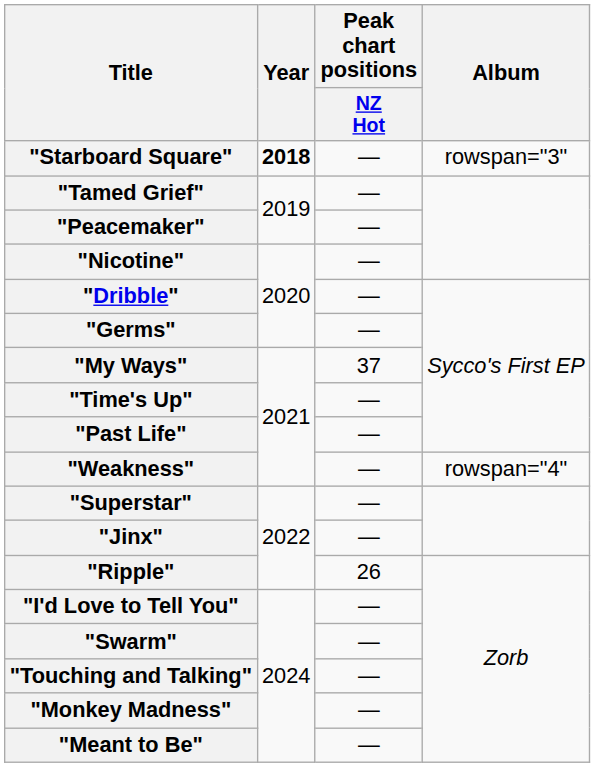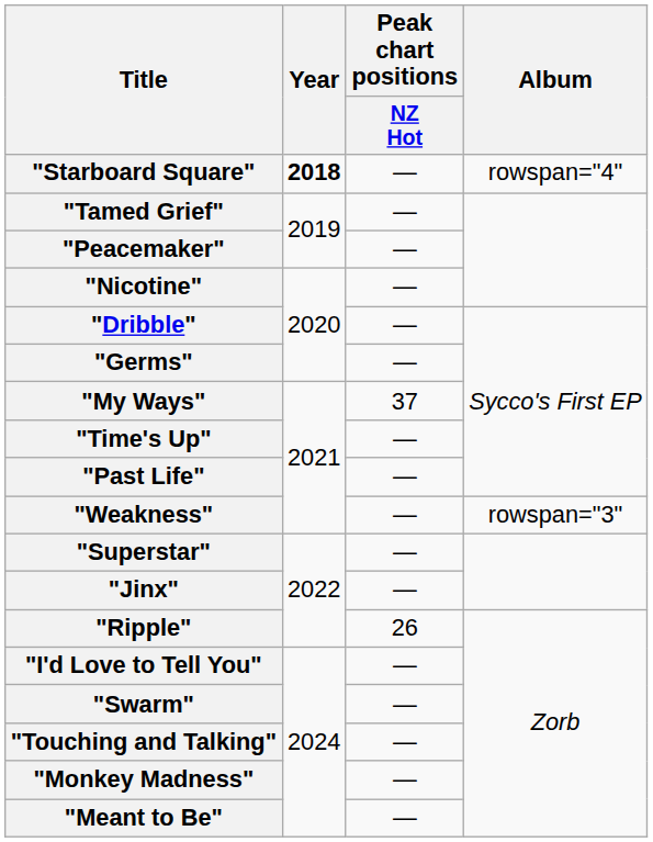 <table class="wikitable plainrowheaders" style="text-align:center;">
 <tr>
 <th scope="col" rowspan="2">Title</th>
 <th scope="col" rowspan="2">Year</th>
 <th scope="col" colspan="1">Peak chart positions</th>
 <th scope="col" rowspan="2">Album</th>
 </tr>
 <tr>
 <th scope="col" style="width:2.5em;font-size:90%;"><a href='#'>NZ<br>Hot</a><br></th>
 </tr>
 <tr>
 <th scope="row">"Starboard Square"</th>
 <td><strong>2018</strong></td>
 <td>—</td>
-<td>rowspan="3" </td>
+<td>rowspan="4" </td>
 </tr>
 <tr>
 <th scope="row">"Tamed Grief"</th>
 <td rowspan="2">2019</td>
 <td>—</td>
 </tr>
 <tr>
 <th scope="row">"Peacemaker"</th>
 <td>—</td>
 </tr>
 <tr>
 <th scope="row">"Nicotine"</th>
 <td rowspan="3">2020</td>
 <td>—</td>
 </tr>
 <tr>
 <th scope="row">"<a href='#'>Dribble</a>"</th>
 <td>—</td>
 <td rowspan="5"><em>Sycco's First EP</em></td>
 </tr>
 <tr>
 <th scope="row">"Germs"</th>
 <td>—</td>
 </tr>
 <tr>
 <th scope="row">"My Ways"</th>
 <td rowspan="4">2021</td>
 <td>37</td>
 </tr>
 <tr>
 <th scope="row">"Time's Up"</th>
 <td>—</td>
 </tr>
 <tr>
 <th scope="row">"Past Life"</th>
 <td>—</td>
 </tr>
 <tr>
 <th scope="row">"Weakness"<br></th>
 <td>—</td>
-<td>rowspan="4" </td>
+<td>rowspan="3" </td>
 </tr>
 <tr>
 <th scope="row">"Superstar"</th>
 <td rowspan="3">2022</td>
 <td>—</td>
 </tr>
 <tr>
 <th scope="row">"Jinx"</th>
 <td>—</td>
 </tr>
 <tr>
 <th scope="row">"Ripple"<br></th>
 <td>26</td>
 <td rowspan="6"><em>Zorb</em></td>
 </tr>
 <tr>
 <th scope="row">"I'd Love to Tell You"</th>
 <td rowspan="5">2024</td>
 <td>—</td>
 </tr>
 <tr>
 <th scope="row">"Swarm"</th>
 <td>—</td>
 </tr>
 <tr>
 <th scope="row">"Touching and Talking"</th>
 <td>—</td>
 </tr>
 <tr>
 <th scope="row">"Monkey Madness"</th>
 <td>—</td>
 </tr>
 <tr>
 <th scope="row">"Meant to Be"</th>
 <td>—</td>
 </tr>
 </table>
